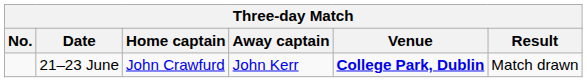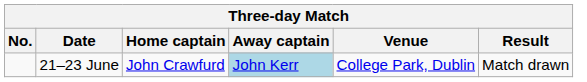 <table class="wikitable">
 <tr>
 <th colspan="9">Three-day Match</th>
 </tr>
 <tr>
 <th>No.</th>
 <th>Date</th>
 <th>Home captain</th>
 <th>Away captain</th>
 <th>Venue</th>
 <th>Result</th>
 </tr>
 <tr>
 <td></td>
 <td>21–23 June</td>
 <td><a href='#'>John Crawfurd</a></td>
-<td><a href='#'>John Kerr</a></td>
-<td><strong><a href='#'>College Park, Dublin</a></strong></td>
+<td style="background: lightblue;"><a href='#'>John Kerr</a></td>
+<td><a href='#'>College Park, Dublin</a></td>
 <td>Match drawn</td>
 </tr>
 </table>
